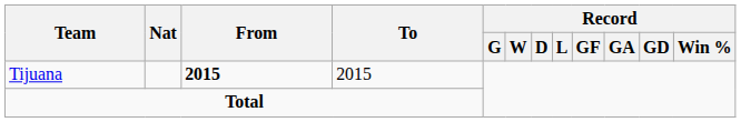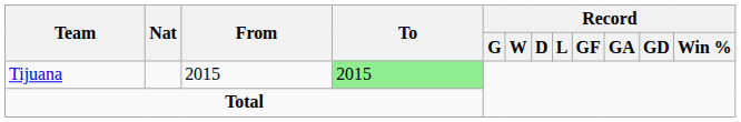 <table class="wikitable" style="text-align: center">
 <tr>
 <th rowspan="2" style="width:120px;">Team</th>
 <th rowspan="2" style="width:10px;">Nat</th>
 <th rowspan="2" style="width:130px;">From</th>
 <th rowspan="2" style="width:130px;">To</th>
 <th colspan="8">Record</th>
 </tr>
 <tr>
 <th>G</th>
 <th>W</th>
 <th>D</th>
 <th>L</th>
 <th>GF</th>
 <th>GA</th>
 <th>GD</th>
 <th>Win %</th>
 </tr>
 <tr>
 <td style="text-align:left;"><a href='#'>Tijuana</a></td>
 <td></td>
-<td style="text-align:left;"><strong>2015</strong></td>
-<td align="left">2015<br></td>
+<td style="text-align:left;">2015</td>
+<td align="left" style="background: lightgreen;">2015<br></td>
 </tr>
 <tr>
 <td colspan="4"><strong>Total</strong><br></td>
 </tr>
 </table>
